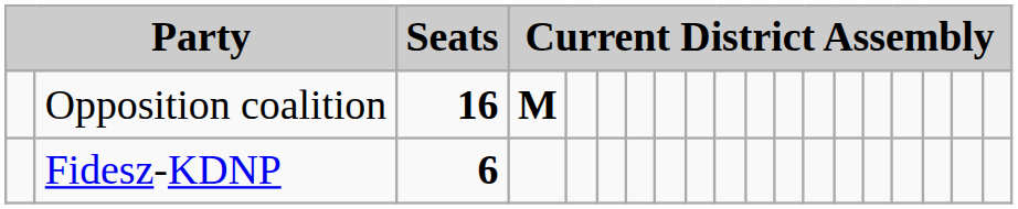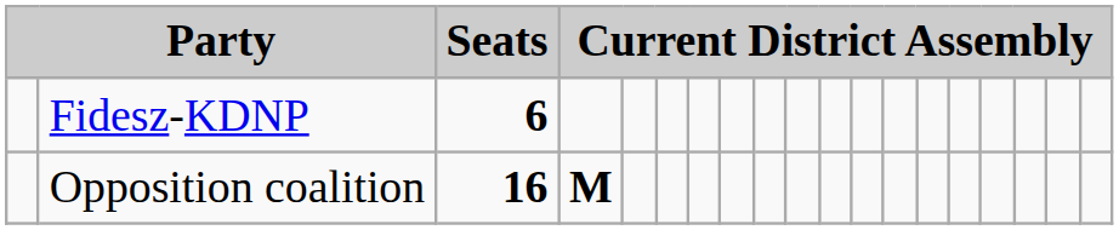 <table class="wikitable">
 <tr>
 <th style="background:#ccc" colspan="2">Party</th>
 <th style="background:#ccc">Seats</th>
 <th colspan="16" style="background:#ccc">Current District Assembly</th>
+</tr>
+<tr>
+<td style="background-color: "> </td>
+<td><a href='#'>Fidesz</a>-<a href='#'>KDNP</a></td>
+<td style="text-align: right"><strong>6</strong></td>
+<td style="background-color: "> </td>
+<td style="background-color: "> </td>
+<td style="background-color: "> </td>
+<td style="background-color: "> </td>
+<td style="background-color: "> </td>
+<td style="background-color: "> </td>
+<td> </td>
+<td> </td>
+<td> </td>
+<td> </td>
+<td> </td>
+<td> </td>
+<td> </td>
+<td> </td>
+<td> </td>
+<td> </td>
 </tr>
 <tr>
 <td style="background-color: "> </td>
 <td>Opposition coalition</td>
 <td style="text-align: right"><strong>16</strong></td>
 <td style="background-color: "><span><strong>M</strong></span></td>
 <td style="background-color: "> </td>
 <td style="background-color: "> </td>
 <td style="background-color: "> </td>
 <td style="background-color: "> </td>
 <td style="background-color: "> </td>
 <td style="background-color: "> </td>
 <td style="background-color: "> </td>
 <td style="background-color: "> </td>
 <td style="background-color: "> </td>
 <td style="background-color: "> </td>
 <td style="background-color: "> </td>
 <td style="background-color: "> </td>
 <td style="background-color: "> </td>
 <td style="background-color: "> </td>
 <td style="background-color: "> </td>
 </tr>
-<tr>
-<td style="background-color: "> </td>
-<td><a href='#'>Fidesz</a>-<a href='#'>KDNP</a></td>
-<td style="text-align: right"><strong>6</strong></td>
-<td style="background-color: "> </td>
-<td style="background-color: "> </td>
-<td style="background-color: "> </td>
-<td style="background-color: "> </td>
-<td style="background-color: "> </td>
-<td style="background-color: "> </td>
-<td> </td>
-<td> </td>
-<td> </td>
-<td> </td>
-<td> </td>
-<td> </td>
-<td> </td>
-<td> </td>
-<td> </td>
-<td> </td>
-</tr>
 </table>
